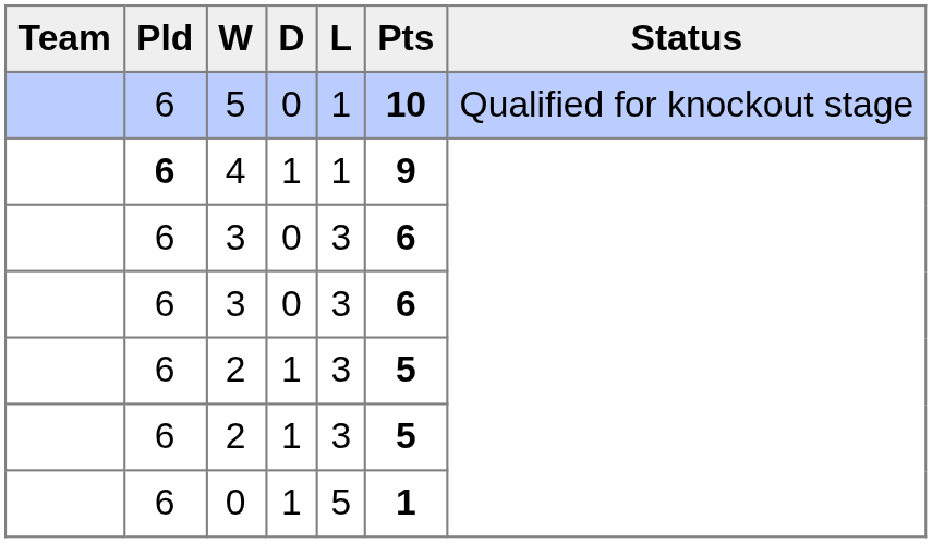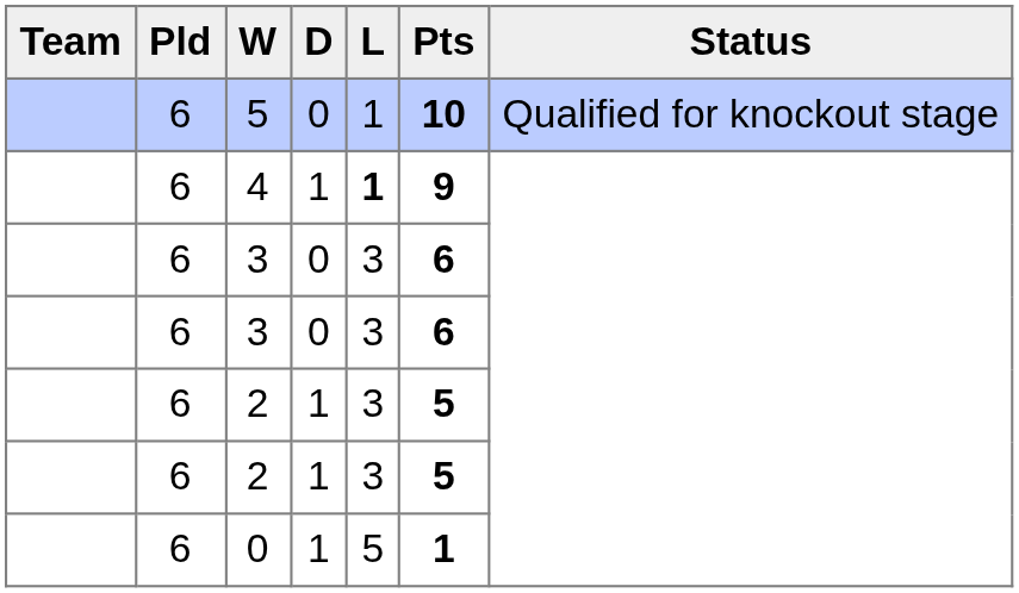 <table style=border-collapse:collapse border=1 cellspacing=0 cellpadding=5>
 <tr align=center bgcolor=#efefef>
 <th>Team</th>
 <th>Pld</th>
 <th>W</th>
 <th>D</th>
 <th>L</th>
 <th>Pts</th>
 <th>Status</th>
 </tr>
 <tr align=center style="background:#bbccff;">
 <td style="text-align:left;"> </td>
 <td>6</td>
 <td>5</td>
 <td>0</td>
 <td>1</td>
 <td><strong>10</strong></td>
 <td rowspan=1>Qualified for knockout stage</td>
 </tr>
 <tr align=center style="background:#FFFFFF;">
 <td style="text-align:left;"> </td>
-<td><strong>6</strong></td>
+<td>6</td>
 <td>4</td>
 <td>1</td>
-<td>1</td>
+<td><strong>1</strong></td>
 <td><strong>9</strong></td>
 <td rowspan=6></td>
 </tr>
 <tr align=center style="background:#FFFFFF;">
 <td style="text-align:left;"> </td>
 <td>6</td>
 <td>3</td>
 <td>0</td>
 <td>3</td>
 <td><strong>6</strong></td>
 </tr>
 <tr align=center style="background:#FFFFFF;">
 <td style="text-align:left;"> </td>
 <td>6</td>
 <td>3</td>
 <td>0</td>
 <td>3</td>
 <td><strong>6</strong></td>
 </tr>
 <tr align=center style="background:#FFFFFF;">
 <td style="text-align:left;"> </td>
 <td>6</td>
 <td>2</td>
 <td>1</td>
 <td>3</td>
 <td><strong>5</strong></td>
 </tr>
 <tr align=center style="background:#FFFFFF;">
 <td style="text-align:left;"> </td>
 <td>6</td>
 <td>2</td>
 <td>1</td>
 <td>3</td>
 <td><strong>5</strong></td>
 </tr>
 <tr align=center style="background:#FFFFFF;">
 <td style="text-align:left;"> </td>
 <td>6</td>
 <td>0</td>
 <td>1</td>
 <td>5</td>
 <td><strong>1</strong></td>
 </tr>
 </table>
